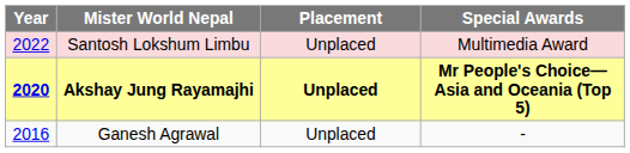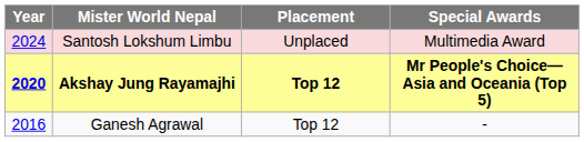 <table class="wikitable sortable" style="font-size: 95%; text-align:center">
 <tr>
 <th width="40" style="background-color:#787878;color:#FFFFFF;">Year</th>
 <th width="180" style="background-color:#787878;color:#FFFFFF;">Mister World Nepal</th>
 <th width="140" style="background-color:#787878;color:#FFFFFF;">Placement</th>
 <th width="180" style="background-color:#787878;color:#FFFFFF;">Special Awards</th>
 </tr>
 <tr style="background-color:#fadadd">
-<td><a href='#'>2022</a></td>
+<td><a href='#'>2024</a></td>
 <td>Santosh Lokshum Limbu</td>
 <td>Unplaced</td>
 <td>Multimedia Award</td>
 </tr>
 <tr style="background-color:#FFFF99; font-weight: bold">
 <td><a href='#'>2020</a></td>
 <td>Akshay Jung Rayamajhi</td>
-<td>Unplaced</td>
+<td>Top 12</td>
 <td>Mr People's Choice—Asia and Oceania (Top 5)</td>
 </tr>
 <tr>
 <td><a href='#'>2016</a></td>
 <td>Ganesh Agrawal</td>
-<td>Unplaced</td>
+<td>Top 12</td>
 <td>-</td>
 </tr>
 </table>
